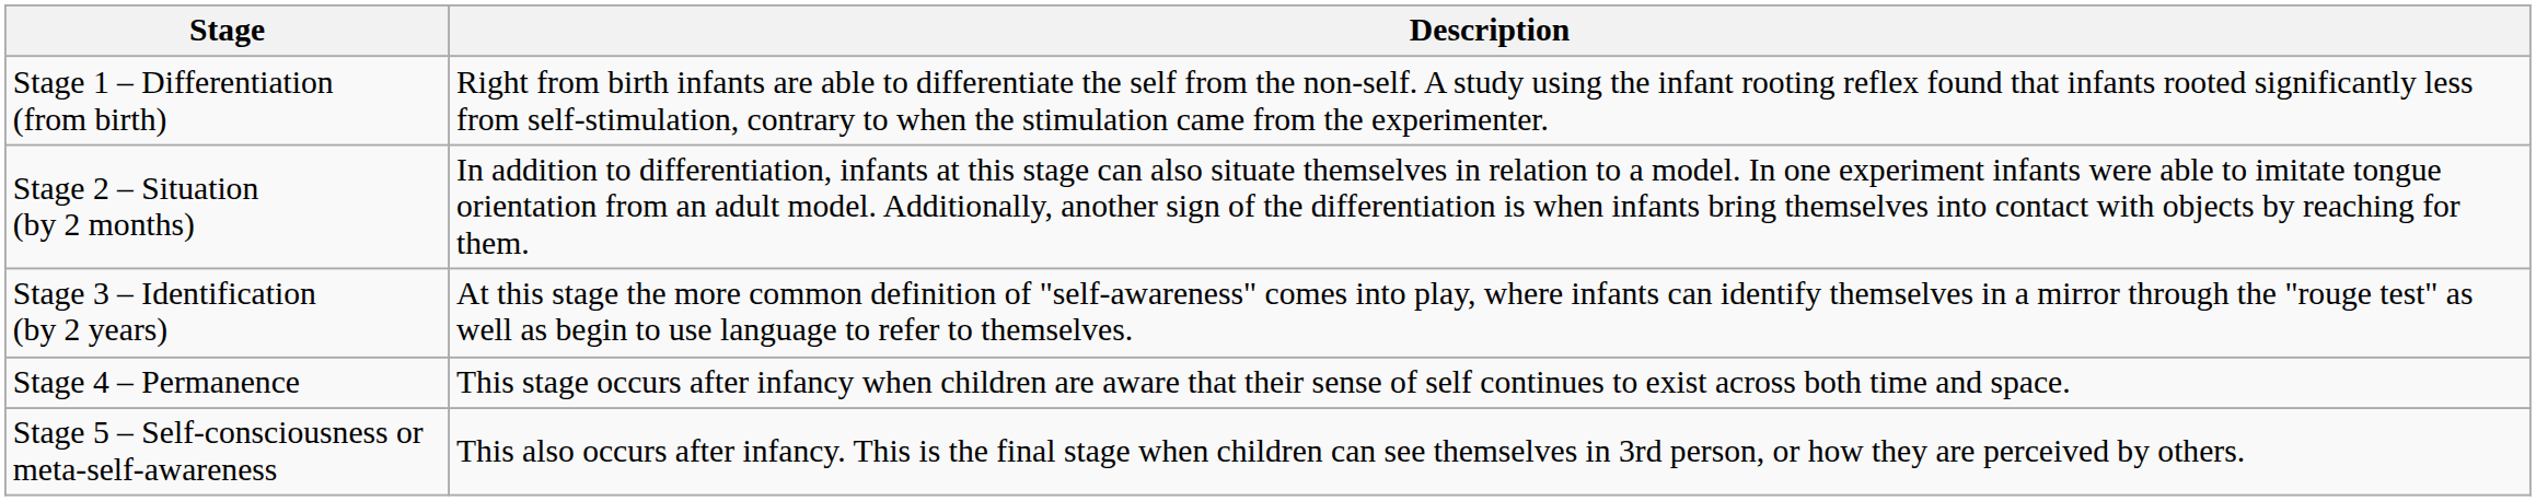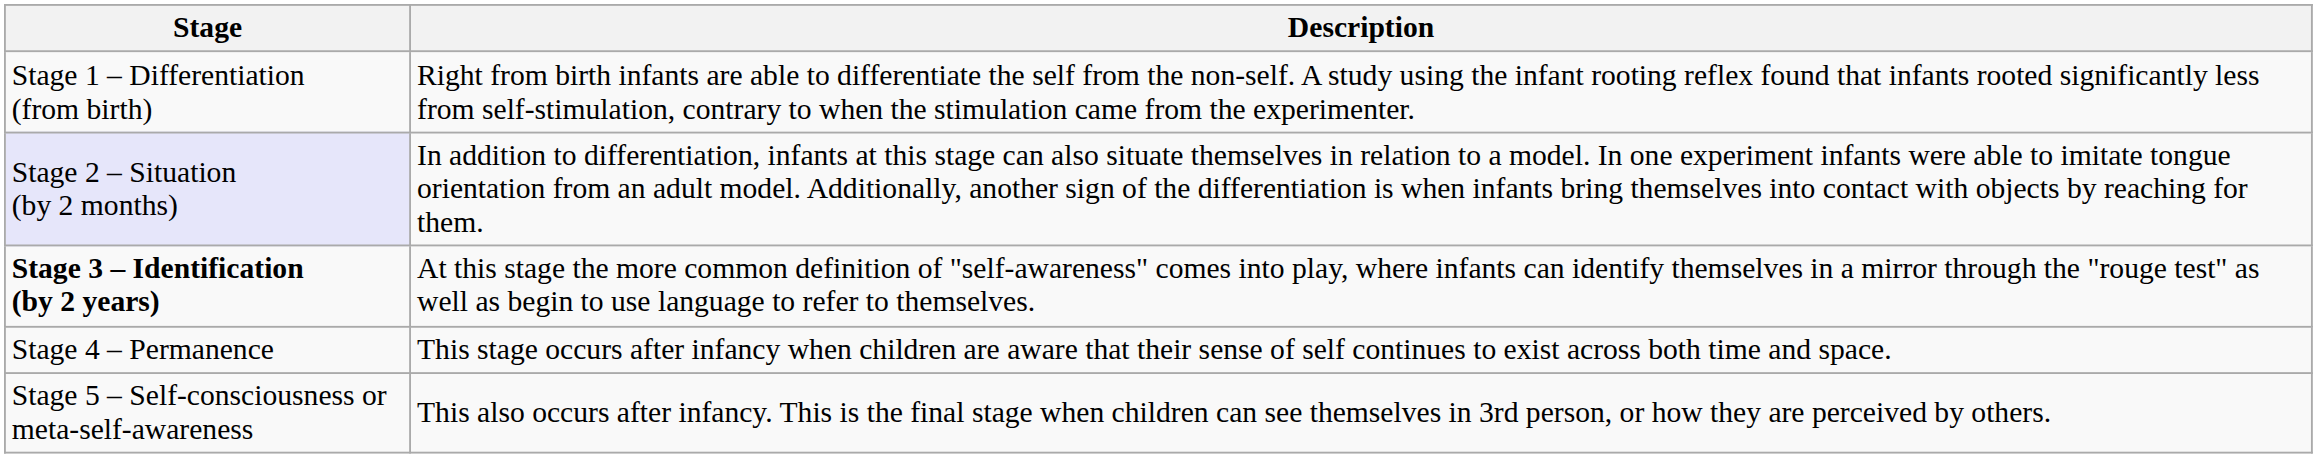 <table class="wikitable">
 <tr>
 <th>Stage</th>
 <th>Description</th>
 </tr>
 <tr>
 <td>Stage 1 – Differentiation<br>(from birth)</td>
 <td>Right from birth infants are able to differentiate the self from the non-self. A study using the infant rooting reflex found that infants rooted significantly less from self-stimulation, contrary to when the stimulation came from the experimenter.</td>
 </tr>
 <tr>
-<td>Stage 2 – Situation<br>(by 2 months)</td>
+<td style="background: lavender;">Stage 2 – Situation<br>(by 2 months)</td>
 <td>In addition to differentiation, infants at this stage can also situate themselves in relation to a model. In one experiment infants were able to imitate tongue orientation from an adult model. Additionally, another sign of the differentiation is when infants bring themselves into contact with objects by reaching for them.</td>
 </tr>
 <tr>
-<td>Stage 3 – Identification<br>(by 2 years)</td>
+<td><strong>Stage 3 – Identification<br>(by 2 years)</strong></td>
 <td>At this stage the more common definition of "self-awareness" comes into play, where infants can identify themselves in a mirror through the "rouge test" as well as begin to use language to refer to themselves.</td>
 </tr>
 <tr>
 <td>Stage 4 – Permanence</td>
 <td>This stage occurs after infancy when children are aware that their sense of self continues to exist across both time and space.</td>
 </tr>
 <tr>
 <td>Stage 5 – Self-consciousness or meta-self-awareness</td>
 <td>This also occurs after infancy. This is the final stage when children can see themselves in 3rd person, or how they are perceived by others.</td>
 </tr>
 </table>
